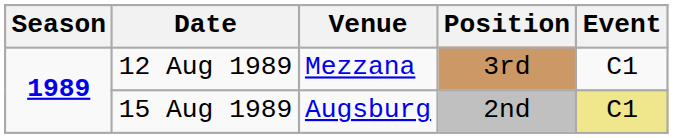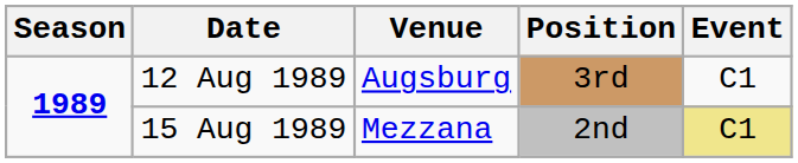 <table class="wikitable" style="text-align:center; font-size:95%;">
 <tr>
 <th>Season</th>
 <th>Date</th>
 <th>Venue</th>
 <th>Position</th>
 <th>Event</th>
 </tr>
 <tr>
 <td rowspan=2><strong><a href='#'>1989</a></strong></td>
 <td align=right>12 Aug 1989</td>
-<td align=left><a href='#'>Mezzana</a></td>
+<td align=left><a href='#'>Augsburg</a></td>
 <td bgcolor=cc9966>3rd</td>
 <td>C1</td>
 </tr>
 <tr>
 <td align=right>15 Aug 1989</td>
-<td align=left><a href='#'>Augsburg</a></td>
+<td align=left><a href='#'>Mezzana</a></td>
 <td bgcolor=silver>2nd</td>
 <td style="background: khaki;">C1</td>
 </tr>
 </table>
